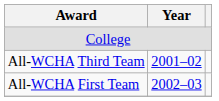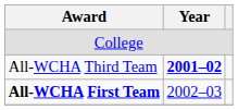 <table class="wikitable">
 <tr>
 <th>Award</th>
 <th>Year</th>
 <th></th>
 </tr>
 <tr ALIGN="center" bgcolor="#e0e0e0">
 <td colspan="3"><a href='#'>College</a></td>
 </tr>
 <tr>
 <td>All-<a href='#'>WCHA</a> <a href='#'>Third Team</a></td>
-<td><a href='#'>2001–02</a></td>
+<td><strong><a href='#'>2001–02</a></strong></td>
 <td></td>
 </tr>
 <tr>
-<td>All-<a href='#'>WCHA</a> <a href='#'>First Team</a></td>
+<td><strong>All-<a href='#'>WCHA</a> <a href='#'>First Team</a></strong></td>
 <td><a href='#'>2002–03</a></td>
 <td></td>
 </tr>
 <tr>
 </tr>
 </table>
